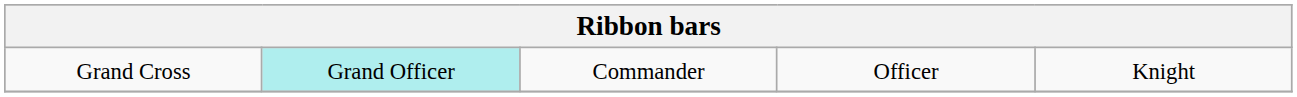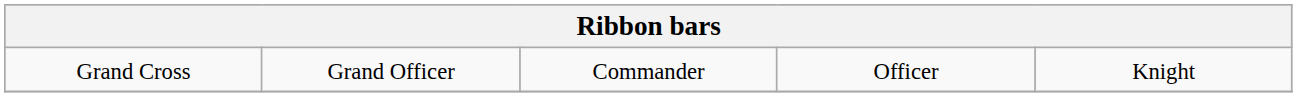 <table align=center class=wikitable width=60%>
 <tr>
 <th colspan=5><strong>Ribbon bars</strong></th>
 </tr>
 <tr>
 <td width=20% valign=top align=center><small>Grand Cross</small></td>
-<td width=20% valign=top align=center style="background: paleturquoise;"><small>Grand Officer</small></td>
+<td width=20% valign=top align=center><small>Grand Officer</small></td>
 <td width=20% valign=top align=center><small>Commander</small></td>
 <td width=20% valign=top align=center><small>Officer</small></td>
 <td width=20% valign=top align=center><small>Knight</small></td>
 </tr>
 <tr>
 </tr>
 </table>
